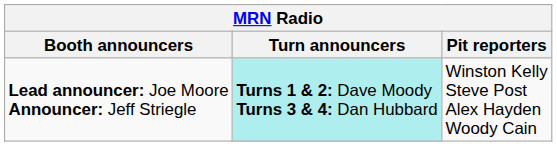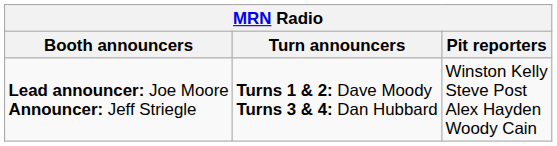 <table class="wikitable" style="font-size: 95%;">
 <tr>
 <th colspan="3"><a href='#'>MRN</a> Radio</th>
 </tr>
 <tr>
 <th>Booth announcers</th>
 <th>Turn announcers</th>
 <th>Pit reporters</th>
 </tr>
 <tr>
 <td><strong>Lead announcer:</strong> Joe Moore<br><strong>Announcer:</strong> Jeff Striegle</td>
-<td style="background: paleturquoise;"><strong>Turns 1 & 2:</strong> Dave Moody<br><strong>Turns 3 & 4:</strong> Dan Hubbard</td>
+<td><strong>Turns 1 & 2:</strong> Dave Moody<br><strong>Turns 3 & 4:</strong> Dan Hubbard</td>
 <td>Winston Kelly<br>Steve Post<br>Alex Hayden<br>Woody Cain</td>
 </tr>
 </table>
